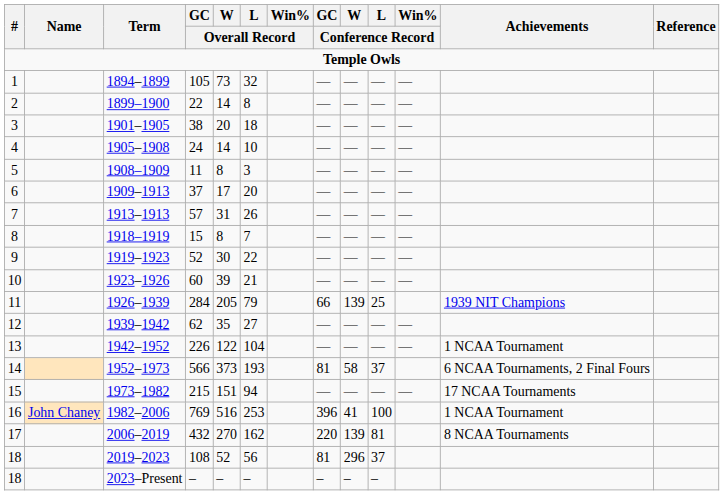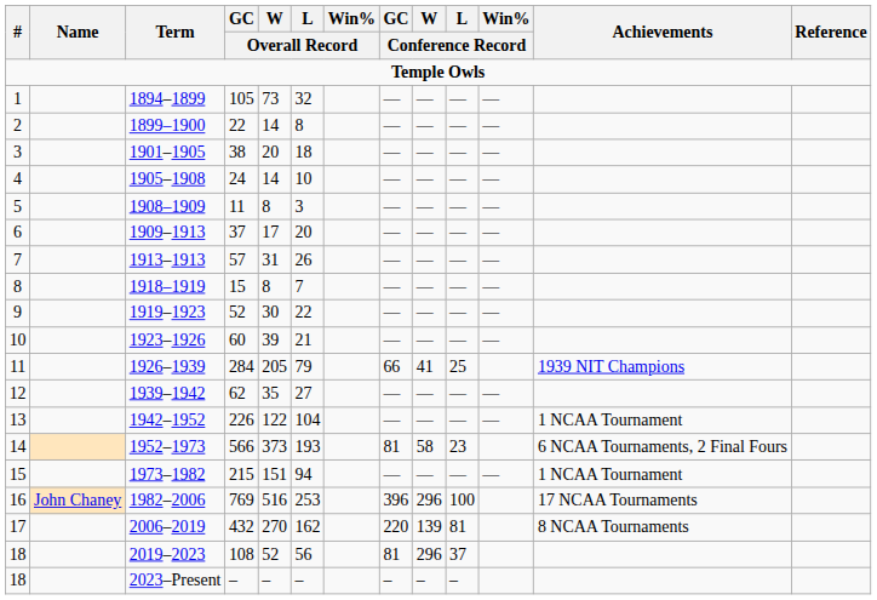 <table class="wikitable sortable">
 <tr>
 <th rowspan="2">#</th>
 <th rowspan="2">Name</th>
 <th align="center" rowspan="2">Term</th>
 <th>GC</th>
 <th>W</th>
 <th>L</th>
 <th>Win%</th>
 <th>GC</th>
 <th>W</th>
 <th>L</th>
 <th>Win%</th>
 <th rowspan="2" class=unsortable>Achievements</th>
 <th rowspan="2" class=unsortable>Reference</th>
 </tr>
 <tr class="unsortable">
 <th colspan="4">Overall Record</th>
 <th colspan="4">Conference Record</th>
 </tr>
 <tr>
 <td align="center" colspan="16"><strong>Temple Owls</strong></td>
 </tr>
 <tr>
 <td align=center>1</td>
 <td></td>
 <td><a href='#'>1894</a>–<a href='#'>1899</a></td>
 <td>105</td>
 <td>73</td>
 <td>32</td>
 <td></td>
 <td>—</td>
 <td>—</td>
 <td>—</td>
 <td>—</td>
 <td></td>
 <td align=center></td>
 </tr>
 <tr>
 <td align=center>2</td>
 <td></td>
 <td><a href='#'>1899–1900</a></td>
 <td>22</td>
 <td>14</td>
 <td>8</td>
 <td></td>
 <td>—</td>
 <td>—</td>
 <td>—</td>
 <td>—</td>
 <td></td>
 <td align=center></td>
 </tr>
 <tr>
 <td align=center>3</td>
 <td></td>
 <td><a href='#'>1901</a>–<a href='#'>1905</a></td>
 <td>38</td>
 <td>20</td>
 <td>18</td>
 <td></td>
 <td>—</td>
 <td>—</td>
 <td>—</td>
 <td>—</td>
 <td></td>
 <td align=center></td>
 </tr>
 <tr>
 <td align=center>4</td>
 <td></td>
 <td><a href='#'>1905</a>–<a href='#'>1908</a></td>
 <td>24</td>
 <td>14</td>
 <td>10</td>
 <td></td>
 <td>—</td>
 <td>—</td>
 <td>—</td>
 <td>—</td>
 <td></td>
 <td align=center></td>
 </tr>
 <tr>
 <td align=center>5</td>
 <td></td>
 <td><a href='#'>1908–1909</a></td>
 <td>11</td>
 <td>8</td>
 <td>3</td>
 <td></td>
 <td>—</td>
 <td>—</td>
 <td>—</td>
 <td>—</td>
 <td></td>
 <td align=center></td>
 </tr>
 <tr>
 <td align=center>6</td>
 <td></td>
 <td><a href='#'>1909</a>–<a href='#'>1913</a></td>
 <td>37</td>
 <td>17</td>
 <td>20</td>
 <td></td>
 <td>—</td>
 <td>—</td>
 <td>—</td>
 <td>—</td>
 <td></td>
 <td align=center></td>
 </tr>
 <tr>
 <td align=center>7</td>
 <td></td>
 <td><a href='#'>1913</a>–<a href='#'>1913</a></td>
 <td>57</td>
 <td>31</td>
 <td>26</td>
 <td></td>
 <td>—</td>
 <td>—</td>
 <td>—</td>
 <td>—</td>
 <td></td>
 <td align=center></td>
 </tr>
 <tr>
 <td align=center>8</td>
 <td></td>
 <td><a href='#'>1918–1919</a></td>
 <td>15</td>
 <td>8</td>
 <td>7</td>
 <td></td>
 <td>—</td>
 <td>—</td>
 <td>—</td>
 <td>—</td>
 <td></td>
 <td align=center></td>
 </tr>
 <tr>
 <td align=center>9</td>
 <td></td>
 <td><a href='#'>1919</a>–<a href='#'>1923</a></td>
 <td>52</td>
 <td>30</td>
 <td>22</td>
 <td></td>
 <td>—</td>
 <td>—</td>
 <td>—</td>
 <td>—</td>
 <td></td>
 <td align=center></td>
 </tr>
 <tr>
 <td align=center>10</td>
 <td></td>
 <td><a href='#'>1923</a>–<a href='#'>1926</a></td>
 <td>60</td>
 <td>39</td>
 <td>21</td>
 <td></td>
 <td>—</td>
 <td>—</td>
 <td>—</td>
 <td>—</td>
 <td></td>
 <td align=center></td>
 </tr>
 <tr>
 <td align=center>11</td>
 <td></td>
 <td><a href='#'>1926</a>–<a href='#'>1939</a></td>
 <td>284</td>
 <td>205</td>
 <td>79</td>
 <td></td>
 <td>66</td>
-<td>139</td>
+<td>41</td>
 <td>25</td>
 <td></td>
 <td><a href='#'>1939 NIT Champions</a></td>
 <td align=center></td>
 </tr>
 <tr>
 <td align=center>12</td>
 <td></td>
 <td><a href='#'>1939</a>–<a href='#'>1942</a></td>
 <td>62</td>
 <td>35</td>
 <td>27</td>
 <td></td>
 <td>—</td>
 <td>—</td>
 <td>—</td>
 <td>—</td>
 <td></td>
 <td align=center></td>
 </tr>
 <tr>
 <td align=center>13</td>
 <td></td>
 <td><a href='#'>1942</a>–<a href='#'>1952</a></td>
 <td>226</td>
 <td>122</td>
 <td>104</td>
 <td></td>
 <td>—</td>
 <td>—</td>
 <td>—</td>
 <td>—</td>
 <td>1 NCAA Tournament</td>
 <td align=center></td>
 </tr>
 <tr>
 <td align=center>14</td>
 <td style="background:#ffe6bd;"></td>
 <td><a href='#'>1952</a>–<a href='#'>1973</a></td>
 <td>566</td>
 <td>373</td>
 <td>193</td>
 <td></td>
 <td>81</td>
 <td>58</td>
-<td>37</td>
+<td>23</td>
 <td></td>
 <td>6 NCAA Tournaments, 2 Final Fours</td>
 <td align=center></td>
 </tr>
 <tr>
 <td align=center>15</td>
 <td></td>
 <td><a href='#'>1973</a>–<a href='#'>1982</a></td>
 <td>215</td>
 <td>151</td>
 <td>94</td>
 <td></td>
 <td>—</td>
 <td>—</td>
 <td>—</td>
 <td>—</td>
-<td>17 NCAA Tournaments</td>
+<td>1 NCAA Tournament</td>
 <td align=center></td>
 </tr>
 <tr>
 <td align=center>16</td>
 <td style="background-color:#FFE6BD"><a href='#'>John Chaney</a></td>
 <td><a href='#'>1982</a>–<a href='#'>2006</a></td>
 <td>769</td>
 <td>516</td>
 <td>253</td>
 <td></td>
 <td>396</td>
-<td>41</td>
+<td>296</td>
 <td>100</td>
 <td></td>
-<td>1 NCAA Tournament</td>
+<td>17 NCAA Tournaments</td>
 <td align=center></td>
 </tr>
 <tr>
 <td align=center>17</td>
 <td></td>
 <td><a href='#'>2006</a>–<a href='#'>2019</a></td>
 <td>432</td>
 <td>270</td>
 <td>162</td>
 <td></td>
 <td>220</td>
 <td>139</td>
 <td>81</td>
 <td></td>
 <td>8 NCAA Tournaments</td>
 <td align=center></td>
 </tr>
 <tr>
 <td align=center>18</td>
 <td></td>
 <td><a href='#'>2019</a>–<a href='#'>2023</a></td>
 <td>108</td>
 <td>52</td>
 <td>56</td>
 <td></td>
 <td>81</td>
 <td>296</td>
 <td>37</td>
 <td></td>
 <td></td>
 <td align=center></td>
 </tr>
 <tr>
 <td align=center>18</td>
 <td></td>
 <td><a href='#'>2023</a>–Present</td>
 <td>–</td>
 <td>–</td>
 <td>–</td>
 <td></td>
 <td>–</td>
 <td>–</td>
 <td>–</td>
 <td></td>
 <td></td>
 <td align=center></td>
 </tr>
 </table>
